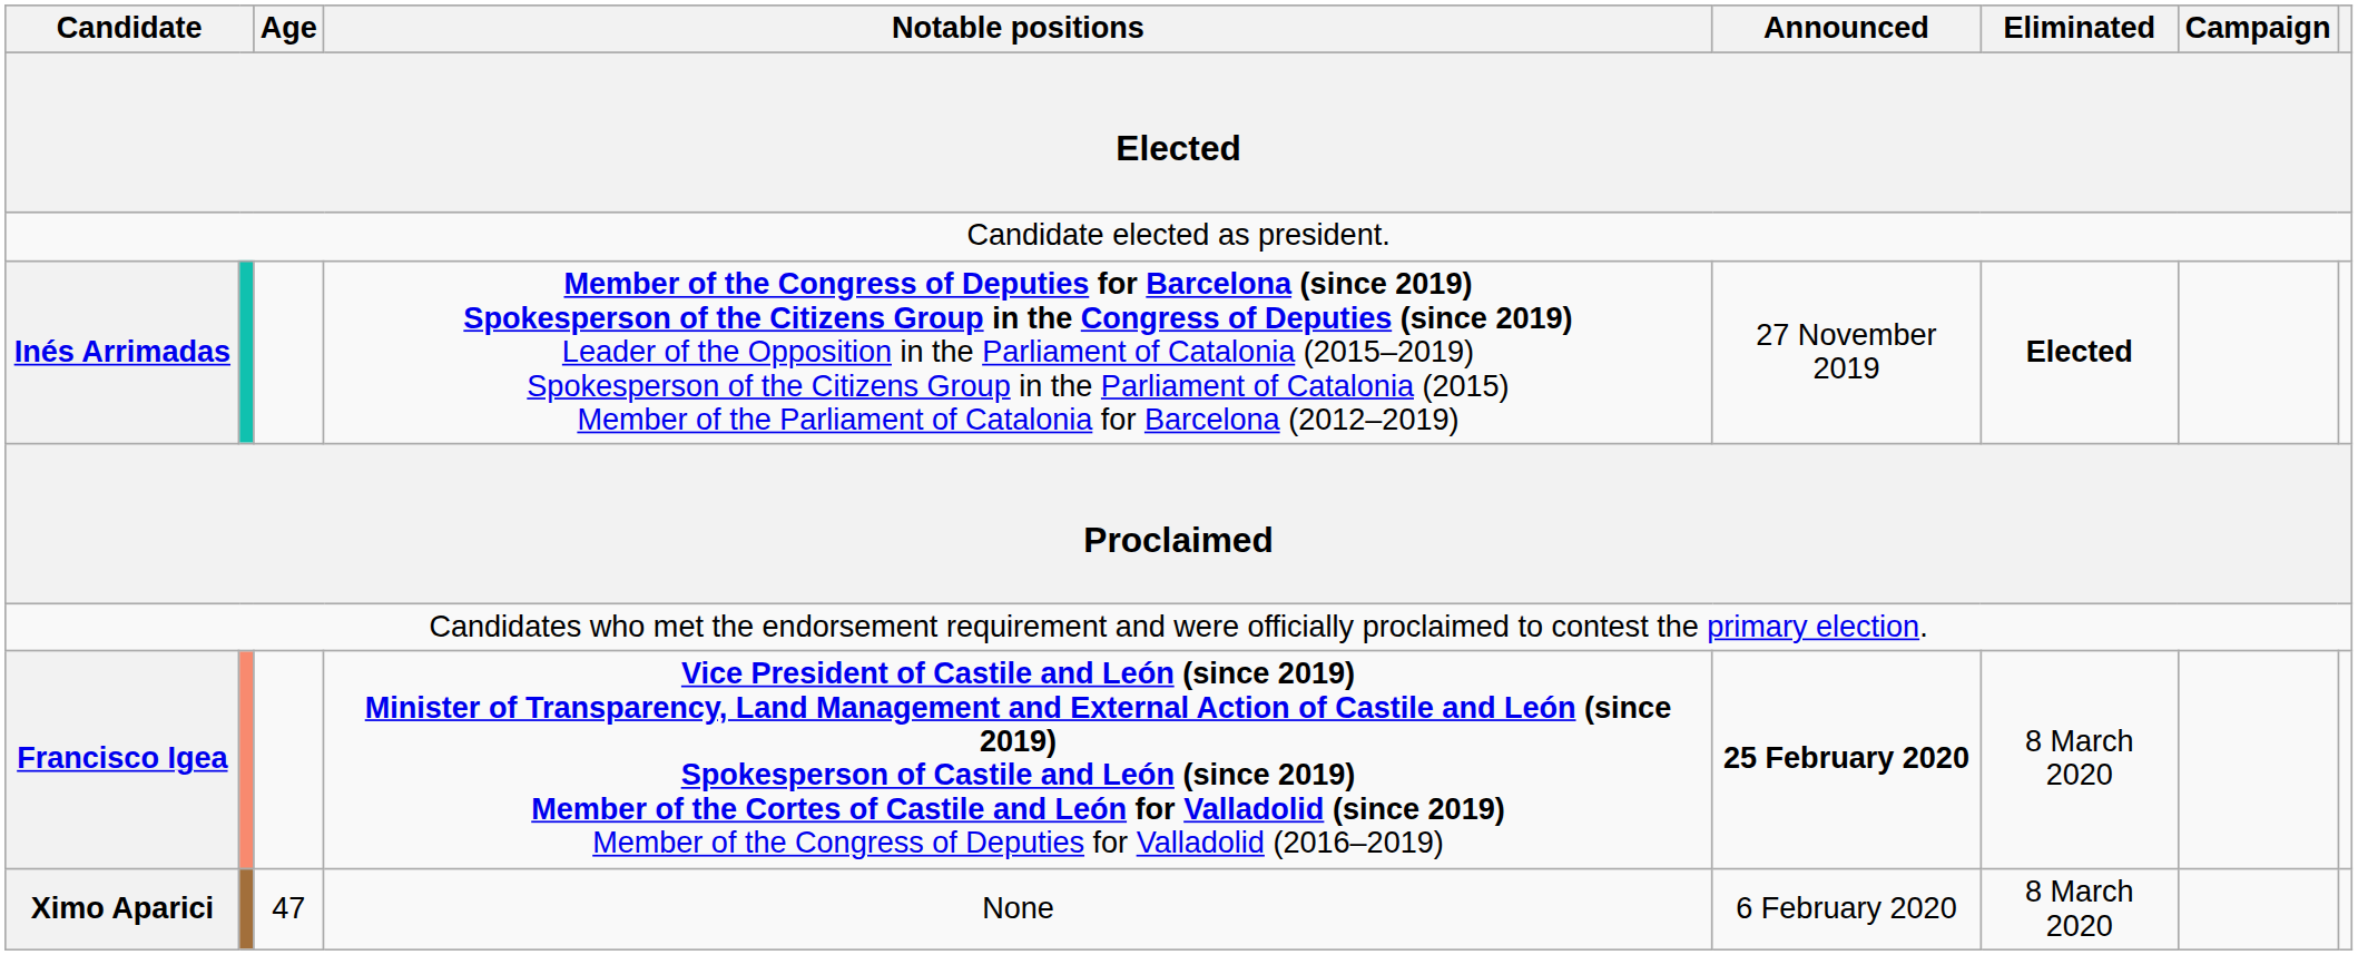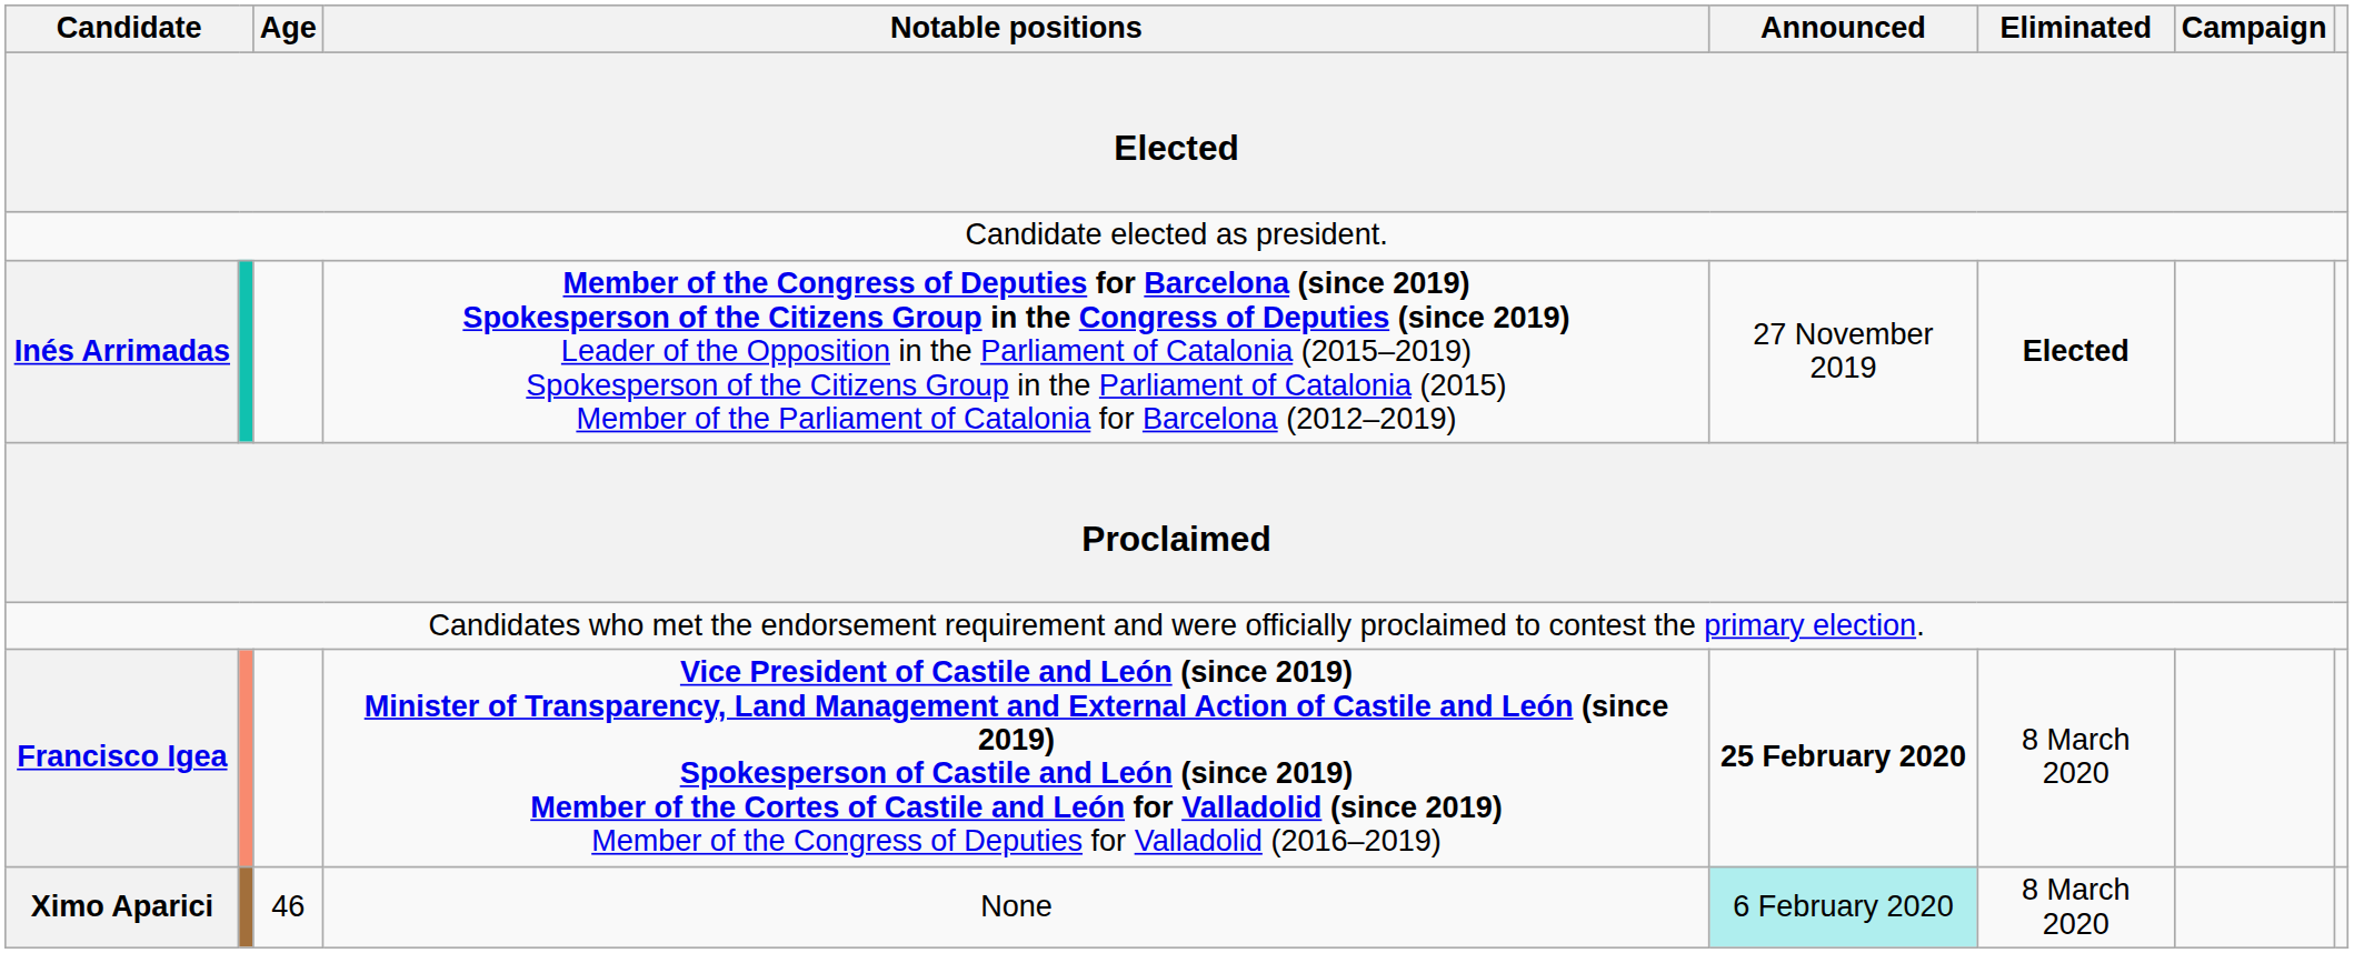 <table class="wikitable" style="text-align:center;">
 <tr>
 <th colspan="2" width="125">Candidate</th>
 <th>Age</th>
 <th>Notable positions</th>
 <th>Announced</th>
 <th>Eliminated</th>
 <th>Campaign</th>
 <th></th>
 </tr>
 <tr>
 <th colspan="8"><br><h3>Elected</h3></th>
 </tr>
 <tr>
 <td colspan="8">Candidate elected as president.</td>
 </tr>
 <tr>
 <th><strong><a href='#'>Inés Arrimadas</a></strong></th>
 <td style="background:#10C1AF;"></td>
 <td></td>
 <td><strong><a href='#'>Member of the Congress of Deputies</a> for <a href='#'>Barcelona</a></strong> <strong>(since 2019)</strong><br><strong><a href='#'>Spokesperson of the Citizens Group</a> in the <a href='#'>Congress of Deputies</a></strong> <strong>(since 2019)</strong><br><a href='#'>Leader of the Opposition</a> in the <a href='#'>Parliament of Catalonia</a> (2015–2019)<br><a href='#'>Spokesperson of the Citizens Group</a> in the <a href='#'>Parliament of Catalonia</a> (2015)<br><a href='#'>Member of the Parliament of Catalonia</a> for <a href='#'>Barcelona</a> (2012–2019)</td>
 <td>27 November 2019</td>
 <td> <strong>Elected</strong></td>
 <td></td>
 <td><br><br><br></td>
 </tr>
 <tr>
 <th colspan="8"><br><h3>Proclaimed</h3></th>
 </tr>
 <tr>
 <td colspan="8">Candidates who met the endorsement requirement and were officially proclaimed to contest the <a href='#'>primary election</a>.</td>
 </tr>
 <tr>
 <th><strong><a href='#'>Francisco Igea</a></strong></th>
 <td style="background:#F88A6F;"></td>
 <td></td>
 <td><strong><a href='#'>Vice President of Castile and León</a> (since 2019)</strong><br><strong><a href='#'>Minister of Transparency, Land Management and External Action of Castile and León</a></strong> <strong>(since 2019)</strong><br><strong><a href='#'>Spokesperson of Castile and León</a></strong> <strong>(since 2019)</strong><br><strong><a href='#'>Member of the Cortes of Castile and León</a> for <a href='#'>Valladolid</a></strong> <strong>(since 2019)</strong><br><a href='#'>Member of the Congress of Deputies</a> for <a href='#'>Valladolid</a> (2016–2019)</td>
 <td><strong>25 February 2020</strong></td>
 <td>8 March 2020</td>
 <td></td>
 <td><br><br></td>
 </tr>
 <tr>
 <th><strong>Ximo Aparici</strong></th>
 <td style="background:#A26F3B;"></td>
-<td>47</td>
+<td>46</td>
 <td>None</td>
-<td>6 February 2020</td>
+<td style="background: paleturquoise;">6 February 2020</td>
 <td>8 March 2020</td>
 <td></td>
 <td><br></td>
 </tr>
 </table>
